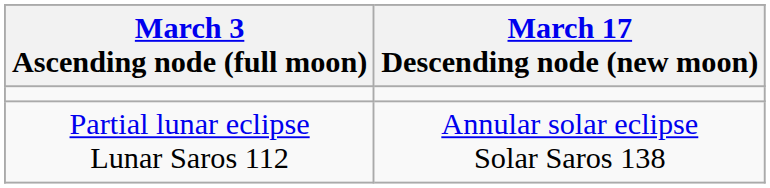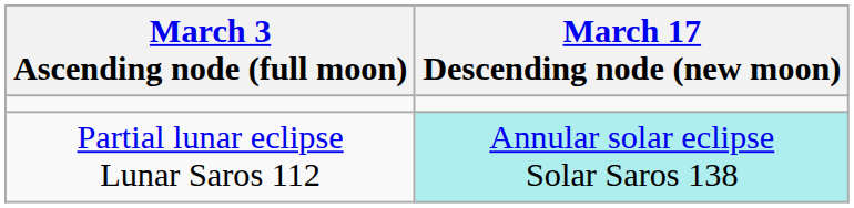 <table class="wikitable">
 <tr>
 <th><a href='#'>March 3</a><br>Ascending node (full moon)</th>
 <th><a href='#'>March 17</a><br>Descending node (new moon)</th>
 </tr>
 <tr>
 <td></td>
 <td></td>
 </tr>
 <tr align=center>
 <td><a href='#'>Partial lunar eclipse</a><br>Lunar Saros 112</td>
-<td><a href='#'>Annular solar eclipse</a><br>Solar Saros 138</td>
+<td style="background: paleturquoise;"><a href='#'>Annular solar eclipse</a><br>Solar Saros 138</td>
 </tr>
 </table>
